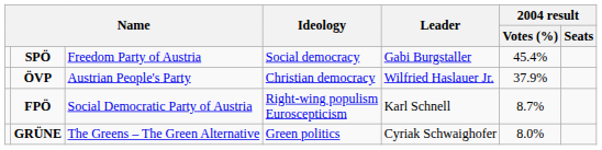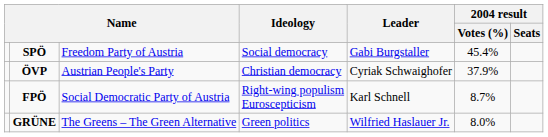 <table class="wikitable">
 <tr>
 <th rowspan="2" colspan="3">Name</th>
 <th rowspan="2">Ideology</th>
 <th rowspan="2">Leader</th>
 <th colspan="2">2004 result</th>
 </tr>
 <tr>
 <th>Votes (%)</th>
 <th>Seats</th>
 </tr>
 <tr>
 <td style="background:"></td>
 <td style="text-align:center;"><strong>SPÖ</strong></td>
 <td><a href='#'>Freedom Party of Austria</a><br></td>
 <td><a href='#'>Social democracy</a></td>
 <td><a href='#'>Gabi Burgstaller</a></td>
 <td style="text-align:center;">45.4%</td>
 <td></td>
 </tr>
 <tr>
 <td style="background:"></td>
 <td style="text-align:center;"><strong>ÖVP</strong></td>
 <td><a href='#'>Austrian People's Party</a><br></td>
 <td><a href='#'>Christian democracy</a></td>
-<td><a href='#'>Wilfried Haslauer Jr.</a></td>
+<td>Cyriak Schwaighofer</td>
 <td style="text-align:center;">37.9%</td>
 <td></td>
 </tr>
 <tr>
 <td style="background:"></td>
 <td style="text-align:center;"><strong>FPÖ</strong></td>
 <td><a href='#'>Social Democratic Party of Austria</a><br></td>
 <td><a href='#'>Right-wing populism</a><br><a href='#'>Euroscepticism</a></td>
 <td>Karl Schnell</td>
 <td style="text-align:center;">8.7%</td>
 <td></td>
 </tr>
 <tr>
 <td style="background:"></td>
 <td style="text-align:center;"><strong>GRÜNE</strong></td>
 <td><a href='#'>The Greens – The Green Alternative</a><br></td>
 <td><a href='#'>Green politics</a></td>
-<td>Cyriak Schwaighofer</td>
+<td><a href='#'>Wilfried Haslauer Jr.</a></td>
 <td style="text-align:center;">8.0%</td>
 <td></td>
 </tr>
 </table>
